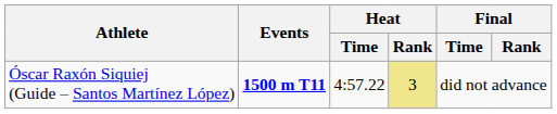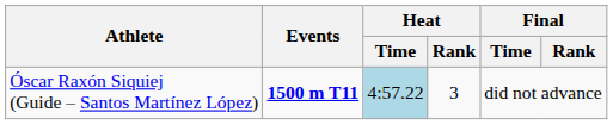 <table class=wikitable style="font-size:90%">
 <tr>
 <th rowspan="2">Athlete</th>
 <th rowspan="2">Events</th>
 <th colspan="2">Heat</th>
 <th colspan="2">Final</th>
 </tr>
 <tr>
 <th scope="col">Time</th>
 <th scope="col">Rank</th>
 <th scope="col">Time</th>
 <th scope="col">Rank</th>
 </tr>
 <tr align=center>
 <td align=left><a href='#'>Óscar Raxón Siquiej</a><br>(Guide – <a href='#'>Santos Martínez López</a>)</td>
 <td align=left><strong><a href='#'>1500 m T11</a></strong></td>
-<td>4:57.22</td>
-<td style="background: khaki;">3</td>
+<td style="background: lightblue;">4:57.22</td>
+<td>3</td>
 <td colspan=2>did not advance</td>
 </tr>
 </table>
